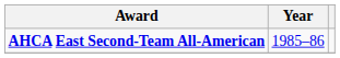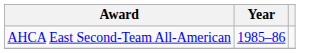 <table class="wikitable">
 <tr>
 <th>Award</th>
 <th>Year</th>
 <th></th>
 </tr>
 <tr>
-<td><strong><a href='#'>AHCA</a> <a href='#'>East Second-Team All-American</a></strong></td>
+<td><a href='#'>AHCA</a> <a href='#'>East Second-Team All-American</a></td>
 <td><a href='#'>1985–86</a></td>
 <td></td>
 </tr>
 <tr>
 </tr>
 </table>
